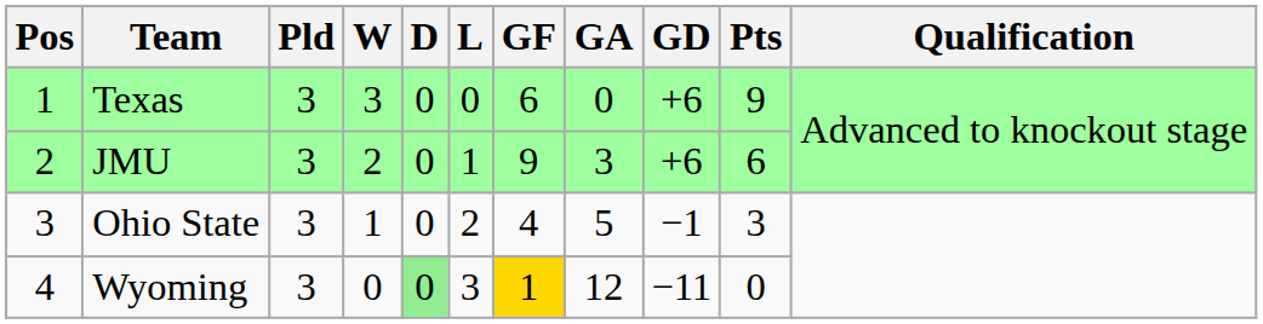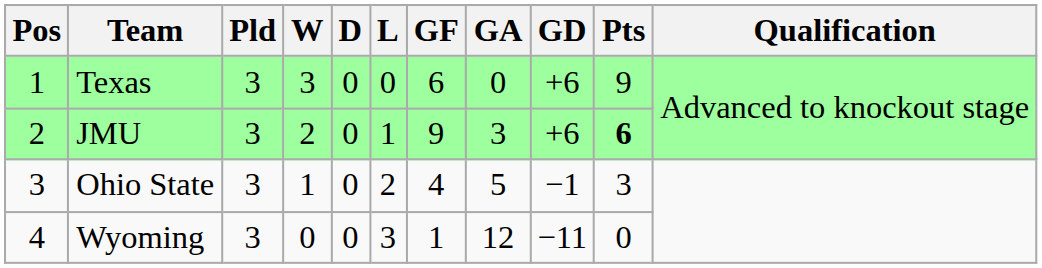 <table class="wikitable" style="text-align:center">
 <tr>
 <th>Pos</th>
 <th>Team</th>
 <th>Pld</th>
 <th>W</th>
 <th>D</th>
 <th>L</th>
 <th>GF</th>
 <th>GA</th>
 <th>GD</th>
 <th>Pts</th>
 <th>Qualification</th>
 </tr>
 <tr bgcolor="#9eff9e">
 <td>1</td>
 <td style="text-align:left">Texas</td>
 <td>3</td>
 <td>3</td>
 <td>0</td>
 <td>0</td>
 <td>6</td>
 <td>0</td>
 <td>+6</td>
 <td>9</td>
 <td rowspan="2">Advanced to knockout stage</td>
 </tr>
 <tr bgcolor="#9eff9e">
 <td>2</td>
 <td style="text-align:left">JMU</td>
 <td>3</td>
 <td>2</td>
 <td>0</td>
 <td>1</td>
 <td>9</td>
 <td>3</td>
 <td>+6</td>
-<td>6</td>
+<td><strong>6</strong></td>
 </tr>
 <tr>
 <td>3</td>
 <td style="text-align:left">Ohio State</td>
 <td>3</td>
 <td>1</td>
 <td>0</td>
 <td>2</td>
 <td>4</td>
 <td>5</td>
 <td>−1</td>
 <td>3</td>
 <td rowspan="2"></td>
 </tr>
 <tr>
 <td>4</td>
 <td style="text-align:left">Wyoming</td>
 <td>3</td>
 <td>0</td>
-<td style="background: lightgreen;">0</td>
+<td>0</td>
 <td>3</td>
-<td style="background: gold;">1</td>
+<td>1</td>
 <td>12</td>
 <td>−11</td>
 <td>0</td>
 </tr>
 </table>
